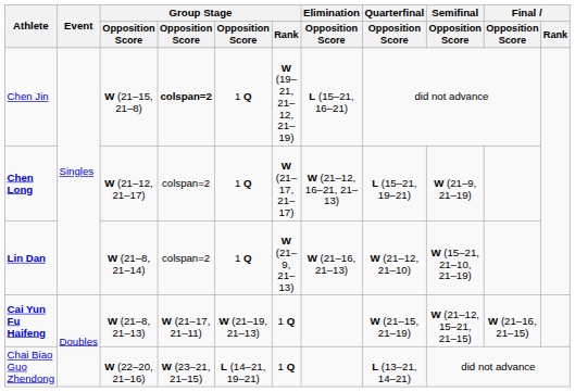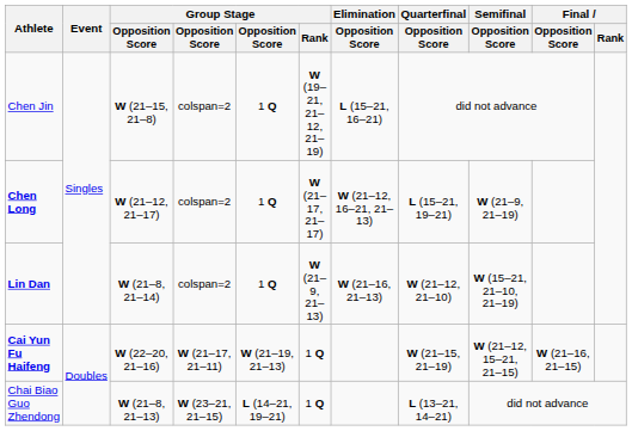 <table class="wikitable" style="font-size:90%">
 <tr>
 <th rowspan=2>Athlete</th>
 <th rowspan=2>Event</th>
 <th colspan=4>Group Stage</th>
 <th>Elimination</th>
 <th>Quarterfinal</th>
 <th>Semifinal</th>
 <th colspan=2>Final / </th>
 </tr>
 <tr style="font-size:95%">
 <th>Opposition<br>Score</th>
 <th>Opposition<br>Score</th>
 <th>Opposition<br>Score</th>
 <th>Rank</th>
 <th>Opposition<br>Score</th>
 <th>Opposition<br>Score</th>
 <th>Opposition<br>Score</th>
 <th>Opposition<br>Score</th>
 <th>Rank</th>
 </tr>
 <tr align=center>
 <td align=left><a href='#'>Chen Jin</a></td>
 <td align=left rowspan=3><a href='#'>Singles</a></td>
 <td><br><strong>W</strong> (21–15, 21–8)</td>
-<td><strong>colspan=2 </strong></td>
+<td>colspan=2 </td>
 <td>1 <strong>Q</strong></td>
 <td><br><strong>W</strong> (19–21, 21–12, 21–19)</td>
 <td><br><strong>L</strong> (15–21, 16–21)</td>
 <td colspan=3>did not advance</td>
 </tr>
 <tr align=center>
 <td align=left><strong><a href='#'>Chen Long</a></strong></td>
 <td><br><strong>W</strong> (21–12, 21–17)</td>
 <td>colspan=2 </td>
 <td>1 <strong>Q</strong></td>
 <td><br><strong>W</strong> (21–17, 21–17)</td>
 <td><br><strong>W</strong> (21–12, 16–21, 21–13)</td>
 <td><br><strong>L</strong> (15–21, 19–21)</td>
 <td><br><strong>W</strong> (21–9, 21–19)</td>
 <td></td>
 </tr>
 <tr align=center>
 <td align=left><strong><a href='#'>Lin Dan</a></strong></td>
 <td><br><strong>W</strong> (21–8, 21–14)</td>
 <td>colspan=2 </td>
 <td>1 <strong>Q</strong></td>
 <td><br><strong>W</strong> (21–9, 21–13)</td>
 <td><br><strong>W</strong> (21–16, 21–13)</td>
 <td><br><strong>W</strong> (21–12, 21–10)</td>
 <td><br><strong>W</strong> (15–21, 21–10, 21–19)</td>
 <td></td>
 </tr>
 <tr align=center>
 <td align=left><strong><a href='#'>Cai Yun</a><br><a href='#'>Fu Haifeng</a></strong></td>
 <td align=left rowspan=2><a href='#'>Doubles</a></td>
-<td><br><strong>W</strong> (21–8, 21–13)</td>
+<td><br><strong>W</strong> (22–20, 21–16)</td>
 <td><br><strong>W</strong> (21–17, 21–11)</td>
 <td><br><strong>W</strong> (21–19, 21–13)</td>
 <td>1 <strong>Q</strong></td>
 <td></td>
 <td><br><strong>W</strong> (21–15, 21–19)</td>
 <td><br><strong>W</strong> (21–12, 15–21, 21–15)</td>
 <td><br><strong>W</strong> (21–16, 21–15)</td>
 <td></td>
 </tr>
 <tr align=center>
 <td align=left><a href='#'>Chai Biao</a><br><a href='#'>Guo Zhendong</a></td>
-<td><br><strong>W</strong> (22–20, 21–16)</td>
+<td><br><strong>W</strong> (21–8, 21–13)</td>
 <td><br><strong>W</strong> (23–21, 21–15)</td>
 <td><br><strong>L</strong> (14–21, 19–21)</td>
 <td>1 <strong>Q</strong></td>
 <td></td>
 <td><br><strong>L</strong> (13–21, 14–21)</td>
 <td colspan=3>did not advance</td>
 </tr>
 </table>
